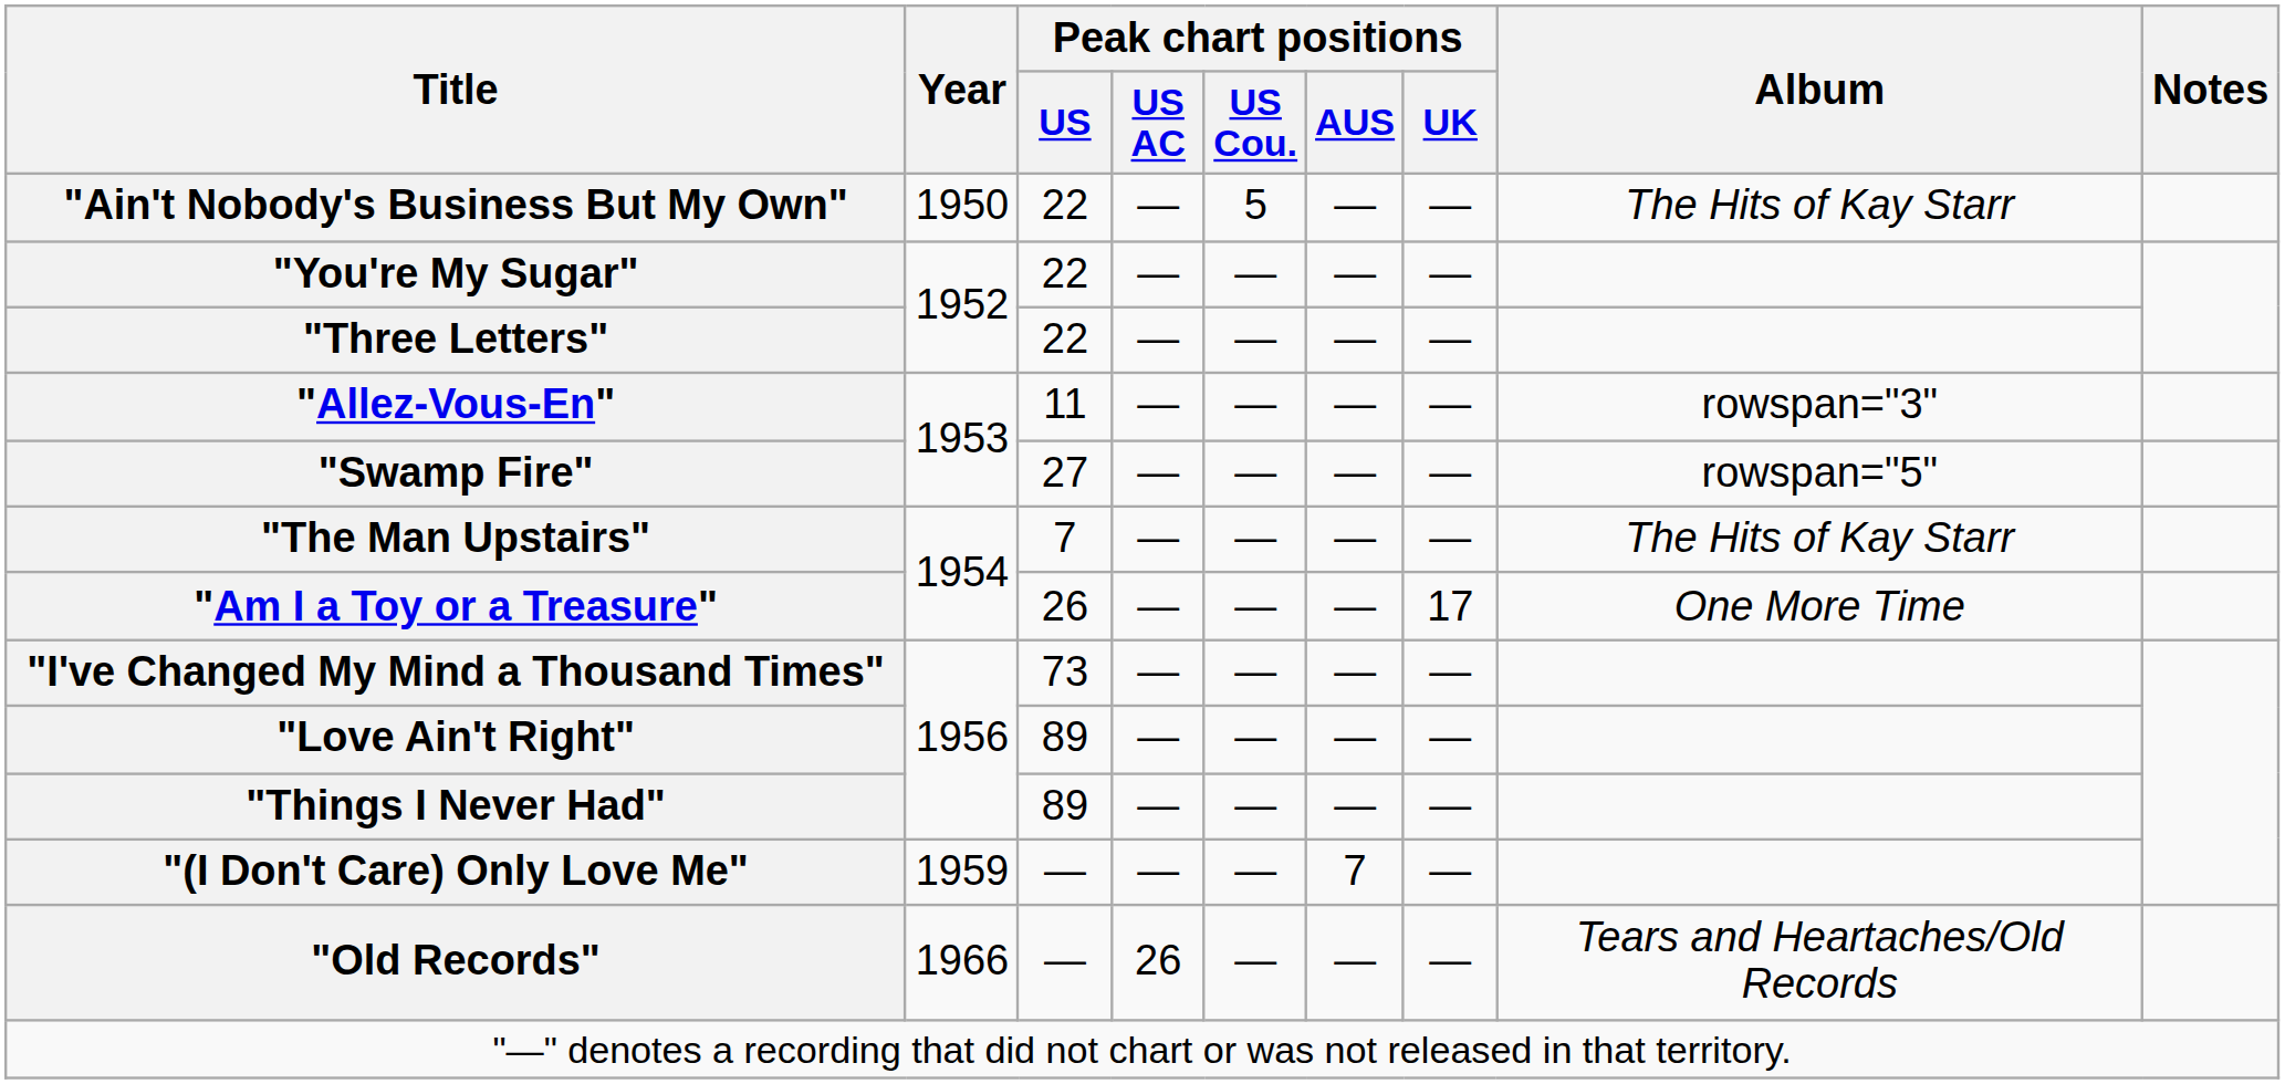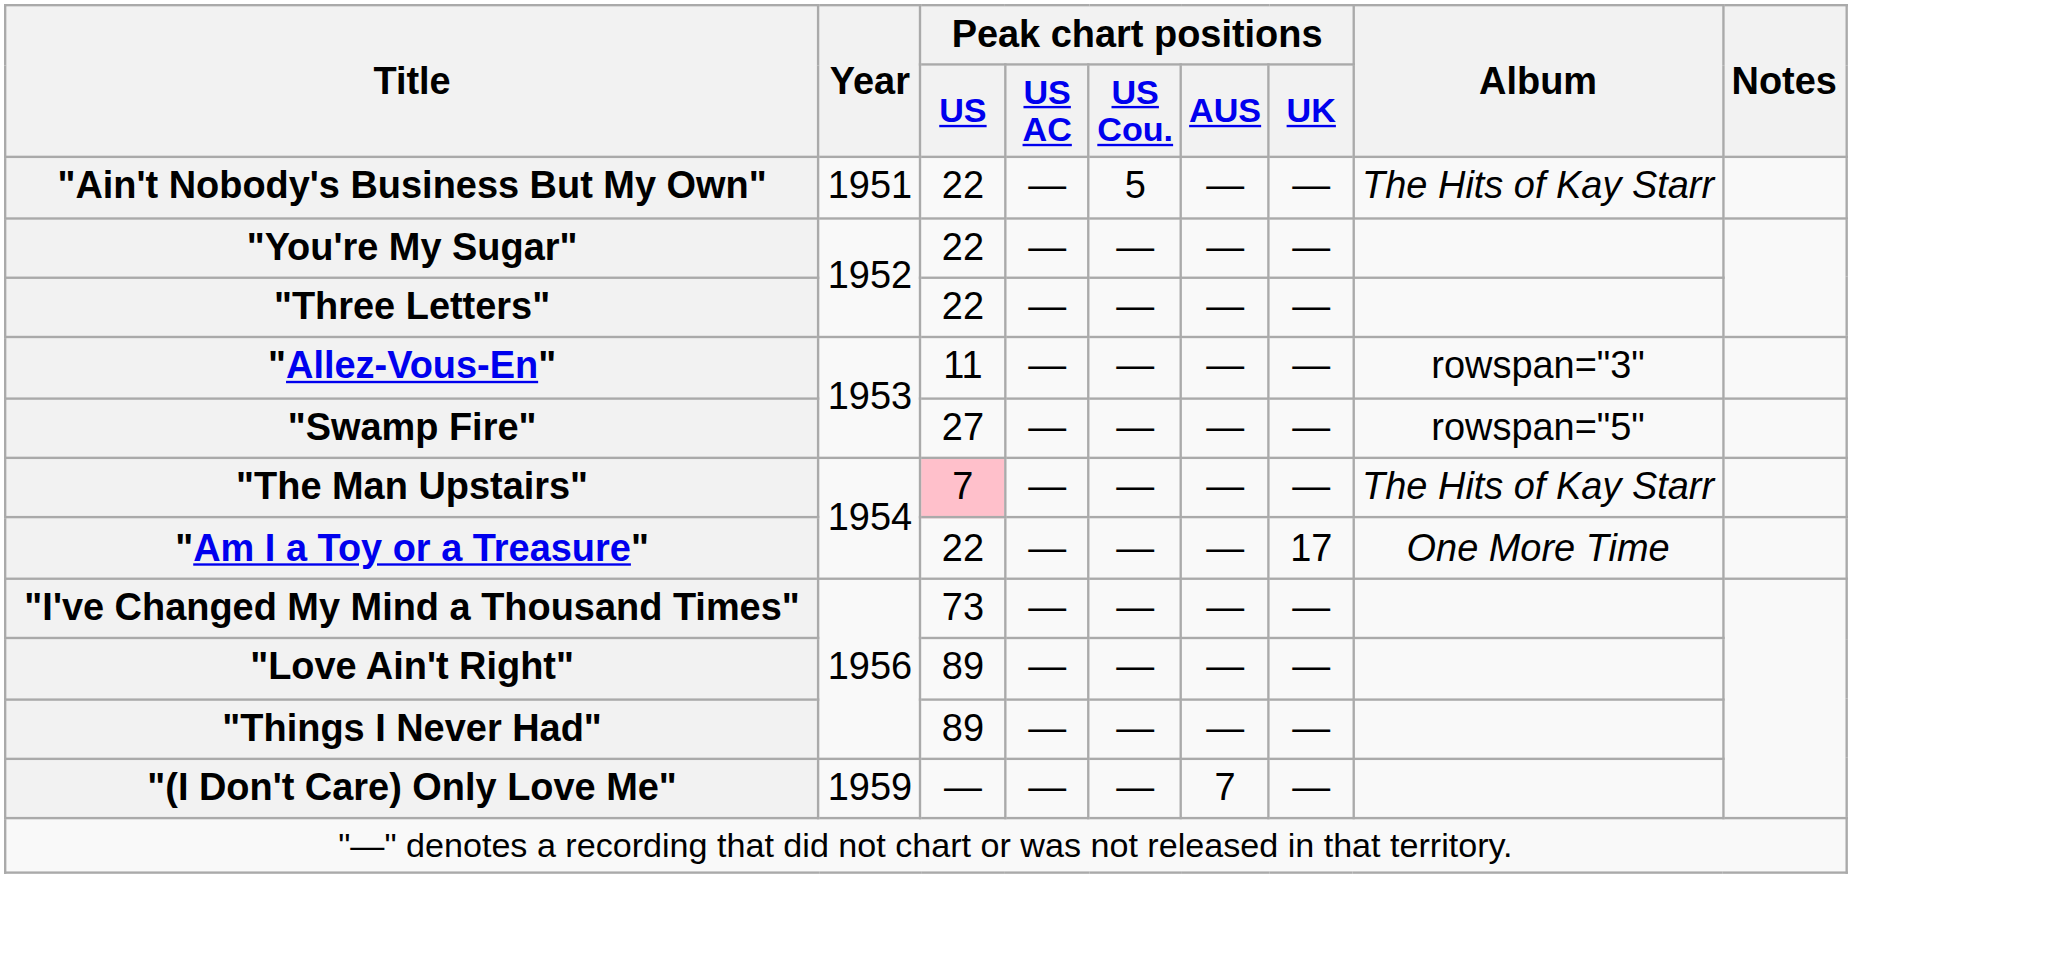 <table class="wikitable plainrowheaders" style="text-align:center;" border="1">
 <tr>
 <th scope="col" rowspan="2" style="width:21em;">Title</th>
 <th scope="col" rowspan="2">Year</th>
 <th scope="col" colspan="5">Peak chart positions</th>
 <th scope="col" rowspan="2">Album</th>
 <th scope="col" rowspan="2">Notes</th>
 </tr>
 <tr>
 <th scope="col" style="width:2em;font-size:90%;"><a href='#'>US</a><br></th>
 <th scope="col" style="width:2em;font-size:90%;"><a href='#'>US<br>AC</a><br></th>
 <th scope="col" style="width:2em;font-size:90%;"><a href='#'>US<br>Cou.</a><br></th>
 <th scope="col" style="width:2em;font-size:90%;"><a href='#'>AUS</a><br></th>
 <th scope="col" style="width:2em;font-size:90%;"><a href='#'>UK</a><br></th>
 </tr>
 <tr>
 <th scope="row">"Ain't Nobody's Business But My Own"<br></th>
-<td>1950</td>
+<td>1951</td>
 <td>22</td>
 <td>—</td>
 <td>5</td>
 <td>—</td>
 <td>—</td>
 <td><em>The Hits of Kay Starr</em></td>
 <td></td>
 </tr>
 <tr>
 <th scope="row">"You're My Sugar"<br></th>
 <td rowspan="2">1952</td>
 <td>22</td>
 <td>—</td>
 <td>—</td>
 <td>—</td>
 <td>—</td>
 <td></td>
 </tr>
 <tr>
 <th scope="row">"Three Letters"</th>
 <td>22</td>
 <td>—</td>
 <td>—</td>
 <td>—</td>
 <td>—</td>
 <td></td>
 </tr>
 <tr>
 <th scope="row">"<a href='#'>Allez-Vous-En</a>"</th>
 <td rowspan="2">1953</td>
 <td>11</td>
 <td>—</td>
 <td>—</td>
 <td>—</td>
 <td>—</td>
 <td>rowspan="3" </td>
 <td></td>
 </tr>
 <tr>
 <th scope="row">"Swamp Fire"</th>
 <td>27</td>
 <td>—</td>
 <td>—</td>
 <td>—</td>
 <td>—</td>
 <td>rowspan="5" </td>
 <td></td>
 </tr>
 <tr>
 <th scope="row">"The Man Upstairs"</th>
 <td rowspan="2">1954</td>
-<td>7</td>
+<td style="background: pink;">7</td>
 <td>—</td>
 <td>—</td>
 <td>—</td>
 <td>—</td>
 <td><em>The Hits of Kay Starr</em></td>
 <td></td>
 </tr>
 <tr>
 <th scope="row">"<a href='#'>Am I a Toy or a Treasure</a>"</th>
-<td>26</td>
+<td>22</td>
 <td>—</td>
 <td>—</td>
 <td>—</td>
 <td>17</td>
 <td><em>One More Time</em></td>
 <td></td>
 </tr>
 <tr>
 <th scope="row">"I've Changed My Mind a Thousand Times"</th>
 <td rowspan="3">1956</td>
 <td>73</td>
 <td>—</td>
 <td>—</td>
 <td>—</td>
 <td>—</td>
 <td></td>
 </tr>
 <tr>
 <th scope="row">"Love Ain't Right"</th>
 <td>89</td>
 <td>—</td>
 <td>—</td>
 <td>—</td>
 <td>—</td>
 <td></td>
 </tr>
 <tr>
 <th scope="row">"Things I Never Had"</th>
 <td>89</td>
 <td>—</td>
 <td>—</td>
 <td>—</td>
 <td>—</td>
 <td></td>
 </tr>
 <tr>
 <th scope="row">"(I Don't Care) Only Love Me"</th>
 <td>1959</td>
 <td>—</td>
 <td>—</td>
 <td>—</td>
 <td>7</td>
 <td>—</td>
 <td></td>
 </tr>
 <tr>
-<th scope="row">"Old Records"</th>
-<td>1966</td>
-<td>—</td>
-<td>26</td>
-<td>—</td>
-<td>—</td>
-<td>—</td>
-<td><em>Tears and Heartaches/Old Records</em></td>
-<td></td>
-</tr>
-<tr>
 <td colspan="9" style="font-size:90%">"—" denotes a recording that did not chart or was not released in that territory.</td>
 </tr>
 </table>
